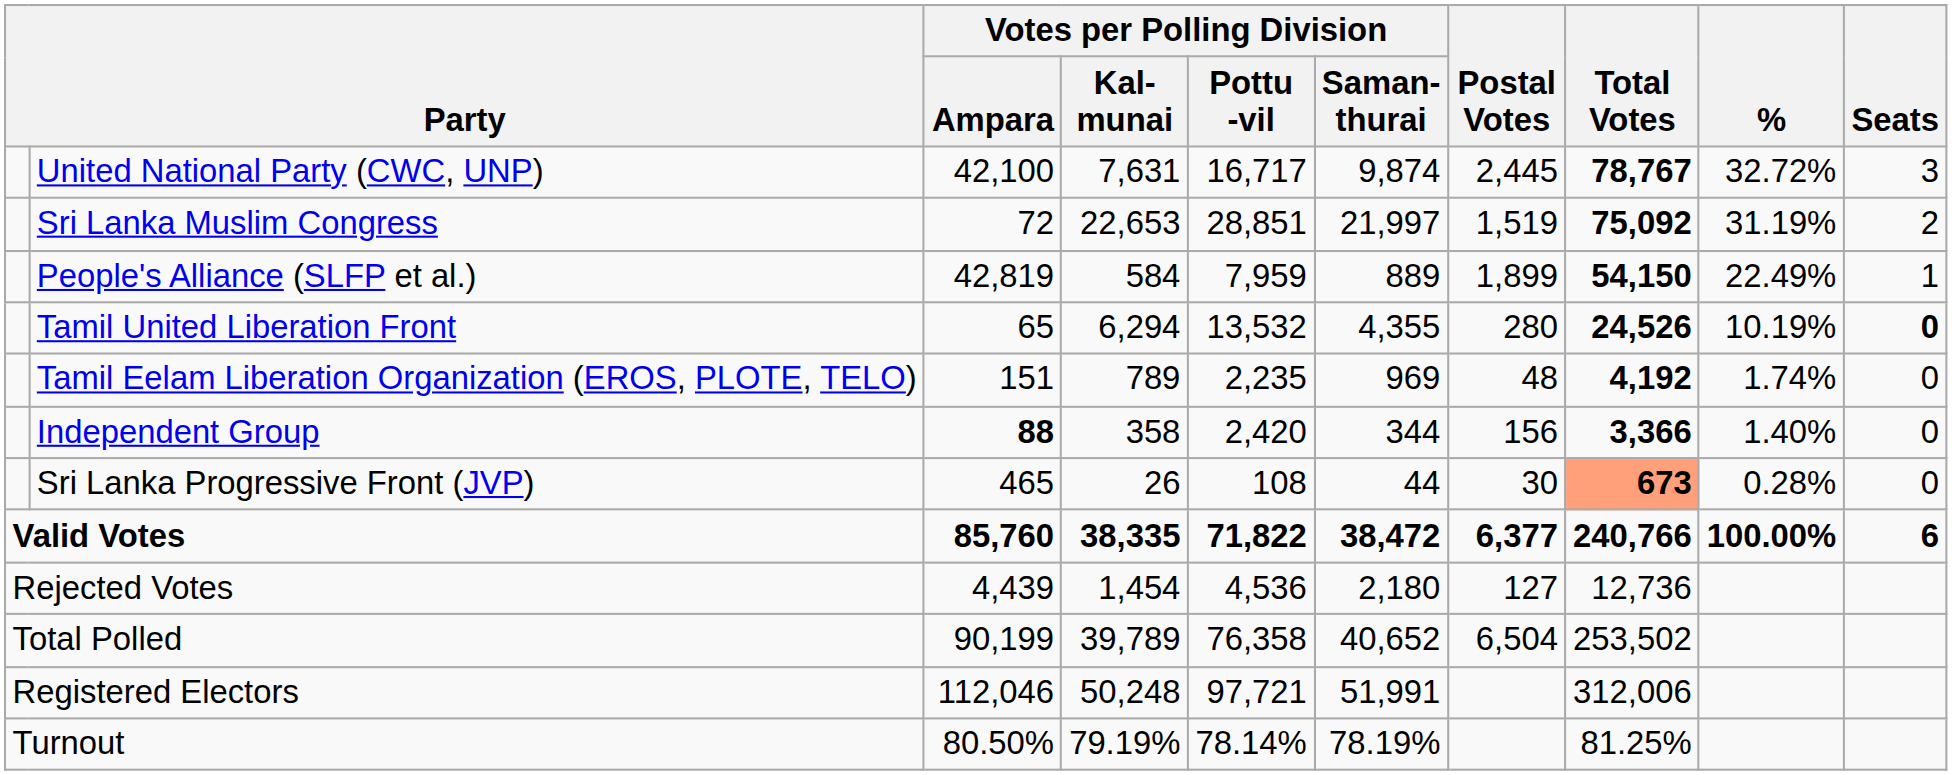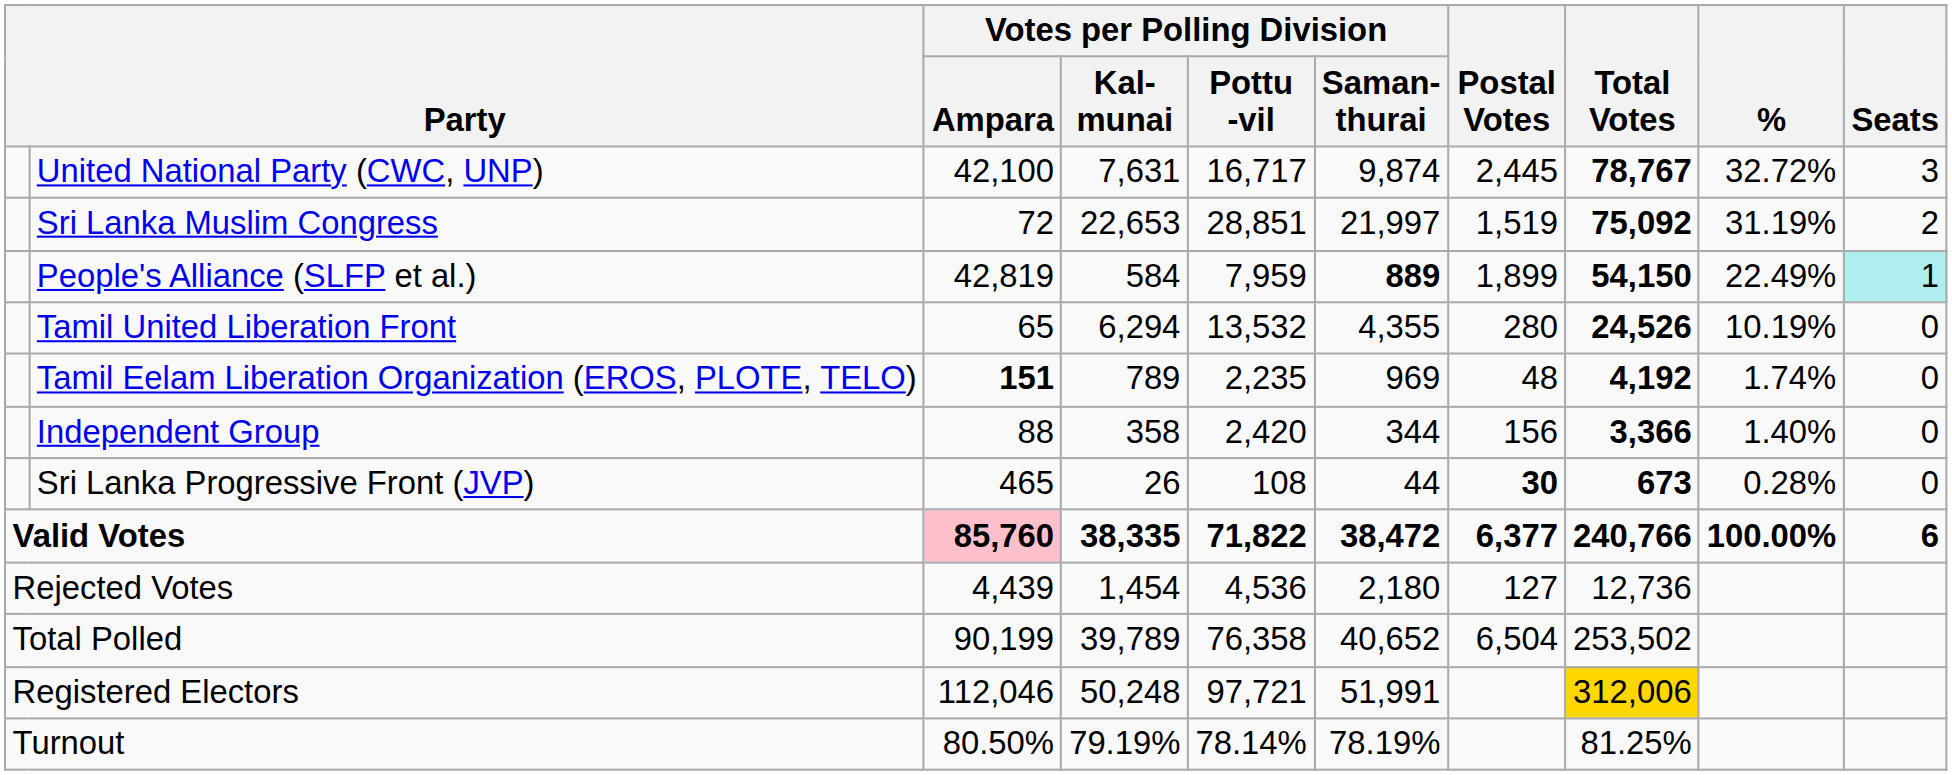 <table class="wikitable" border="1" style="text-align:right;">
 <tr>
 <th align=left valign=bottom rowspan=2 colspan=2>Party</th>
 <th colspan=4>Votes per Polling Division</th>
 <th align=center valign=bottom rowspan=2 width="50">Postal<br>Votes</th>
 <th align=center valign=bottom rowspan=2 width="50">Total Votes</th>
 <th align=center valign=bottom rowspan=2 width="50">%</th>
 <th align=center valign=bottom rowspan=2 width="40">Seats</th>
 </tr>
 <tr>
 <th align=center valign=bottom width="50">Ampara</th>
 <th align=center valign=bottom width="50">Kal-<br>munai</th>
 <th align=center valign=bottom width="50">Pottu<br>-vil</th>
 <th align=center valign=bottom width="50">Saman-<br>thurai</th>
 </tr>
 <tr>
 <td bgcolor=> </td>
 <td align=left><a href='#'>United National Party</a> (<a href='#'>CWC</a>, <a href='#'>UNP</a>)</td>
 <td>42,100</td>
 <td>7,631</td>
 <td>16,717</td>
 <td>9,874</td>
 <td>2,445</td>
 <td><strong>78,767</strong></td>
 <td>32.72%</td>
 <td>3</td>
 </tr>
 <tr>
 <td bgcolor=> </td>
 <td align=left><a href='#'>Sri Lanka Muslim Congress</a></td>
 <td>72</td>
 <td>22,653</td>
 <td>28,851</td>
 <td>21,997</td>
 <td>1,519</td>
 <td><strong>75,092</strong></td>
 <td>31.19%</td>
 <td>2</td>
 </tr>
 <tr>
 <td bgcolor=> </td>
 <td align=left><a href='#'>People's Alliance</a> (<a href='#'>SLFP</a> et al.)</td>
 <td>42,819</td>
 <td>584</td>
 <td>7,959</td>
-<td>889</td>
+<td><strong>889</strong></td>
 <td>1,899</td>
 <td><strong>54,150</strong></td>
 <td>22.49%</td>
-<td>1</td>
+<td style="background: paleturquoise;">1</td>
 </tr>
 <tr>
 <td bgcolor=> </td>
 <td align=left><a href='#'>Tamil United Liberation Front</a></td>
 <td>65</td>
 <td>6,294</td>
 <td>13,532</td>
 <td>4,355</td>
 <td>280</td>
 <td><strong>24,526</strong></td>
 <td>10.19%</td>
-<td><strong>0</strong></td>
+<td>0</td>
 </tr>
 <tr>
 <td bgcolor=> </td>
 <td align=left><a href='#'>Tamil Eelam Liberation Organization</a> (<a href='#'>EROS</a>, <a href='#'>PLOTE</a>, <a href='#'>TELO</a>)</td>
-<td>151</td>
+<td><strong>151</strong></td>
 <td>789</td>
 <td>2,235</td>
 <td>969</td>
 <td>48</td>
 <td><strong>4,192</strong></td>
 <td>1.74%</td>
 <td>0</td>
 </tr>
 <tr>
 <td bgcolor=> </td>
 <td align=left><a href='#'>Independent Group</a></td>
-<td><strong>88</strong></td>
+<td>88</td>
 <td>358</td>
 <td>2,420</td>
 <td>344</td>
 <td>156</td>
 <td><strong>3,366</strong></td>
 <td>1.40%</td>
 <td>0</td>
 </tr>
 <tr>
 <td bgcolor=> </td>
 <td align=left>Sri Lanka Progressive Front (<a href='#'>JVP</a>)</td>
 <td>465</td>
 <td>26</td>
 <td>108</td>
 <td>44</td>
-<td>30</td>
-<td style="background: lightsalmon;"><strong>673</strong></td>
+<td><strong>30</strong></td>
+<td><strong>673</strong></td>
 <td>0.28%</td>
 <td>0</td>
 </tr>
 <tr>
 <td align=left colspan=2><strong>Valid Votes</strong></td>
-<td><strong>85,760</strong></td>
+<td style="background: pink;"><strong>85,760</strong></td>
 <td><strong>38,335</strong></td>
 <td><strong>71,822</strong></td>
 <td><strong>38,472</strong></td>
 <td><strong>6,377</strong></td>
 <td><strong>240,766</strong></td>
 <td><strong>100.00%</strong></td>
 <td><strong>6</strong></td>
 </tr>
 <tr>
 <td align=left colspan=2>Rejected Votes</td>
 <td>4,439</td>
 <td>1,454</td>
 <td>4,536</td>
 <td>2,180</td>
 <td>127</td>
 <td>12,736</td>
 <td></td>
 <td></td>
 </tr>
 <tr>
 <td align=left colspan=2>Total Polled</td>
 <td>90,199</td>
 <td>39,789</td>
 <td>76,358</td>
 <td>40,652</td>
 <td>6,504</td>
 <td>253,502</td>
 <td></td>
 <td></td>
 </tr>
 <tr>
 <td align=left colspan=2>Registered Electors</td>
 <td>112,046</td>
 <td>50,248</td>
 <td>97,721</td>
 <td>51,991</td>
 <td></td>
-<td>312,006</td>
+<td style="background: gold;">312,006</td>
 <td></td>
 <td></td>
 </tr>
 <tr>
 <td align=left colspan=2>Turnout</td>
 <td>80.50%</td>
 <td>79.19%</td>
 <td>78.14%</td>
 <td>78.19%</td>
 <td></td>
 <td>81.25%</td>
 <td></td>
 <td></td>
 </tr>
 </table>
